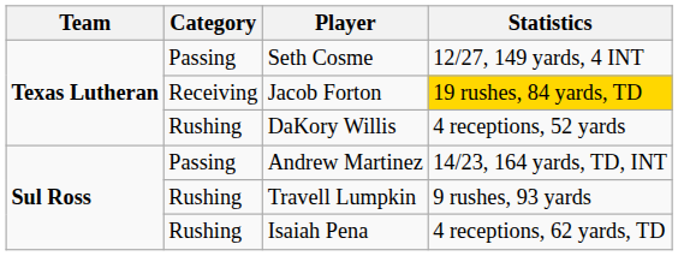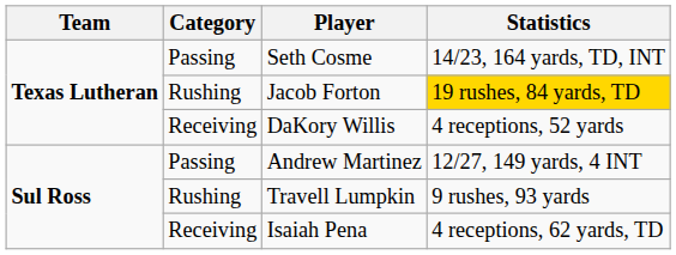 <table class="wikitable" style="float: right;">
 <tr>
 <th>Team</th>
 <th>Category</th>
 <th>Player</th>
 <th>Statistics</th>
 </tr>
 <tr>
 <td rowspan=3><strong>Texas Lutheran</strong></td>
 <td>Passing</td>
 <td>Seth Cosme</td>
-<td>12/27, 149 yards, 4 INT</td>
+<td>14/23, 164 yards, TD, INT</td>
 </tr>
 <tr>
-<td>Receiving</td>
+<td>Rushing</td>
 <td>Jacob Forton</td>
 <td style="background: gold;">19 rushes, 84 yards, TD</td>
 </tr>
 <tr>
-<td>Rushing</td>
+<td>Receiving</td>
 <td>DaKory Willis</td>
 <td>4 receptions, 52 yards</td>
 </tr>
 <tr>
 <td rowspan=3><strong>Sul Ross</strong></td>
 <td>Passing</td>
 <td>Andrew Martinez</td>
-<td>14/23, 164 yards, TD, INT</td>
+<td>12/27, 149 yards, 4 INT</td>
 </tr>
 <tr>
 <td>Rushing</td>
 <td>Travell Lumpkin</td>
 <td>9 rushes, 93 yards</td>
 </tr>
 <tr>
-<td>Rushing</td>
+<td>Receiving</td>
 <td>Isaiah Pena</td>
 <td>4 receptions, 62 yards, TD</td>
 </tr>
 </table>
